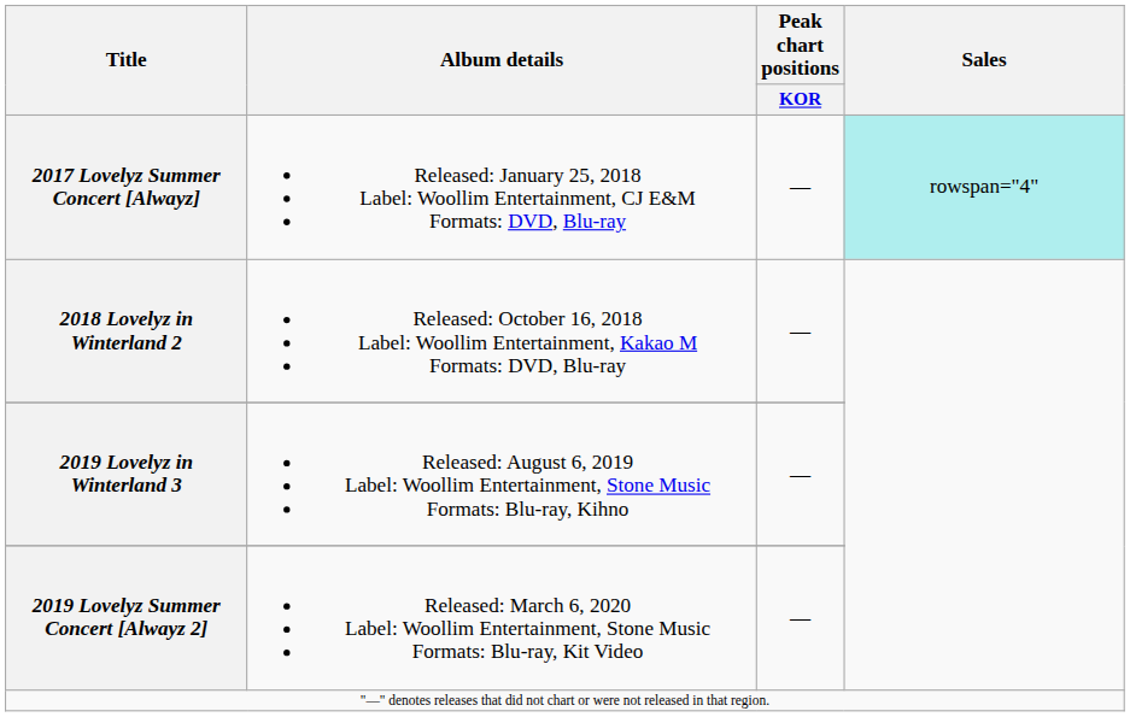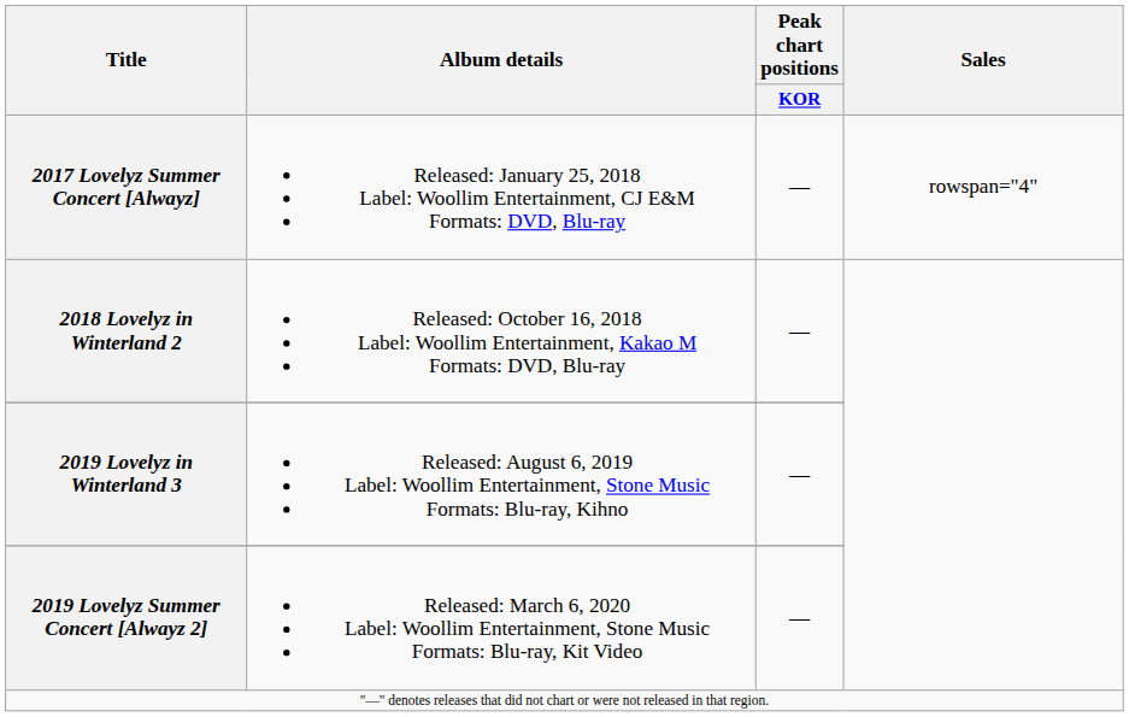 <table class="wikitable plainrowheaders" style="text-align:center;">
 <tr>
 <th rowspan="2" style="width:12em;">Title</th>
 <th rowspan="2" style="width:26em;">Album details</th>
 <th colspan="1">Peak chart positions</th>
 <th rowspan="2" style="width:14em;">Sales</th>
 </tr>
 <tr>
 <th scope="col" style="width:3em;font-size:90%;"><a href='#'>KOR</a></th>
 </tr>
 <tr>
 <th scope="row"><em>2017 Lovelyz Summer Concert [Alwayz]</em></th>
 <td><br><ul><li>Released: January 25, 2018</li><li>Label: Woollim Entertainment, CJ E&M</li><li>Formats: <a href='#'>DVD</a>, <a href='#'>Blu-ray</a></li></ul></td>
 <td>—</td>
-<td style="background: paleturquoise;">rowspan="4" </td>
+<td>rowspan="4" </td>
 </tr>
 <tr>
 <th scope="row"><em>2018 Lovelyz in Winterland 2</em></th>
 <td><br><ul><li>Released: October 16, 2018</li><li>Label: Woollim Entertainment, <a href='#'>Kakao M</a></li><li>Formats: DVD, Blu-ray</li></ul></td>
 <td>—</td>
 </tr>
 <tr>
 </tr>
 <tr>
 <th scope="row"><em>2019 Lovelyz in Winterland 3</em></th>
 <td><br><ul><li>Released: August 6, 2019</li><li>Label: Woollim Entertainment, <a href='#'>Stone Music</a></li><li>Formats: Blu-ray, Kihno</li></ul></td>
 <td>—</td>
 </tr>
 <tr>
 </tr>
 <tr>
 <th scope="row"><em>2019 Lovelyz Summer Concert [Alwayz 2]</em></th>
 <td><br><ul><li>Released: March 6, 2020</li><li>Label: Woollim Entertainment, Stone Music</li><li>Formats: Blu-ray, Kit Video</li></ul></td>
 <td>—</td>
 </tr>
 <tr>
 <td colspan="6" style="font-size:8pt">"—" denotes releases that did not chart or were not released in that region.</td>
 </tr>
 </table>
